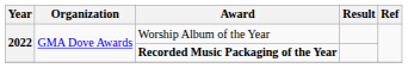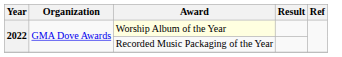 <table class="wikitable plainrowheaders">
 <tr>
 <th>Year</th>
 <th>Organization</th>
 <th>Award</th>
 <th>Result</th>
 <th>Ref</th>
 </tr>
 <tr>
 <th scope="row" rowspan="2">2022</th>
 <td rowspan="2"><a href='#'>GMA Dove Awards</a></td>
-<td>Worship Album of the Year</td>
+<td style="background: lightyellow;">Worship Album of the Year</td>
 <td></td>
 <td rowspan="2"></td>
 </tr>
 <tr>
-<td><strong>Recorded Music Packaging of the Year</strong></td>
+<td>Recorded Music Packaging of the Year</td>
 <td></td>
 </tr>
 <tr>
 </tr>
 </table>
